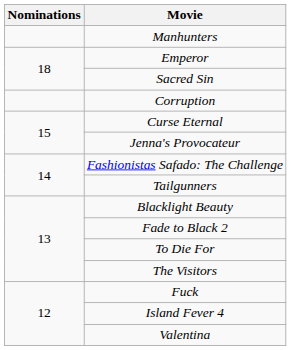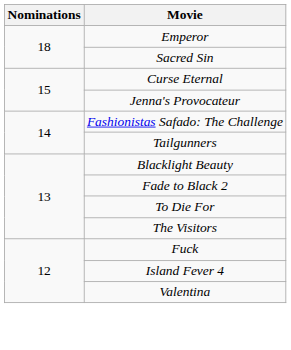 <table class="wikitable" style="text-align: center">
 <tr>
 <th scope="col" width="55">Nominations</th>
 <th scope="col" align="center">Movie</th>
-</tr>
-<tr>
-<td></td>
-<td><em>Manhunters</em></td>
 </tr>
 <tr>
 <td rowspan=2 style="text-align:center">18</td>
 <td><em>Emperor</em></td>
 </tr>
 <tr>
 <td><em>Sacred Sin</em></td>
-</tr>
-<tr>
-<td></td>
-<td><em>Corruption</em></td>
 </tr>
 <tr>
 <td rowspan=2 style="text-align:center">15</td>
 <td><em>Curse Eternal</em></td>
 </tr>
 <tr>
 <td><em>Jenna's Provocateur</em></td>
 </tr>
 <tr>
 <td rowspan=2 style="text-align:center">14</td>
 <td><em><a href='#'>Fashionistas</a> Safado: The Challenge</em></td>
 </tr>
 <tr>
 <td><em>Tailgunners</em></td>
 </tr>
 <tr>
 <td rowspan=4 style="text-align:center">13</td>
 <td><em>Blacklight Beauty</em></td>
 </tr>
 <tr>
 <td><em>Fade to Black 2</em></td>
 </tr>
 <tr>
 <td><em>To Die For</em></td>
 </tr>
 <tr>
 <td><em>The Visitors</em></td>
 </tr>
 <tr>
 <td rowspan=3 style="text-align:center">12</td>
 <td><em>Fuck</em></td>
 </tr>
 <tr>
 <td><em>Island Fever 4</em></td>
 </tr>
 <tr>
 <td><em>Valentina</em></td>
 </tr>
 </table>
